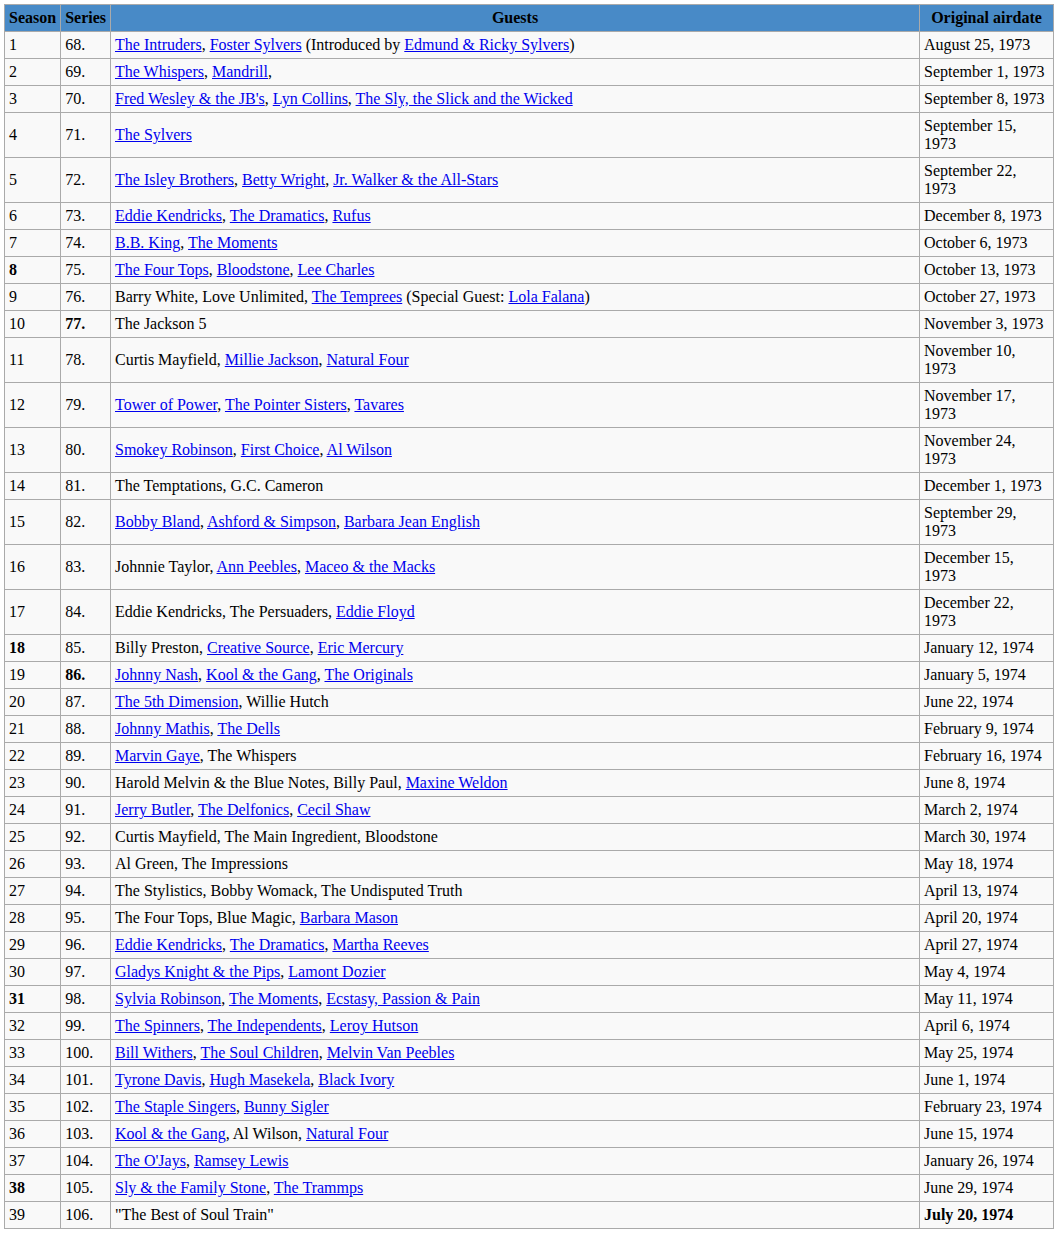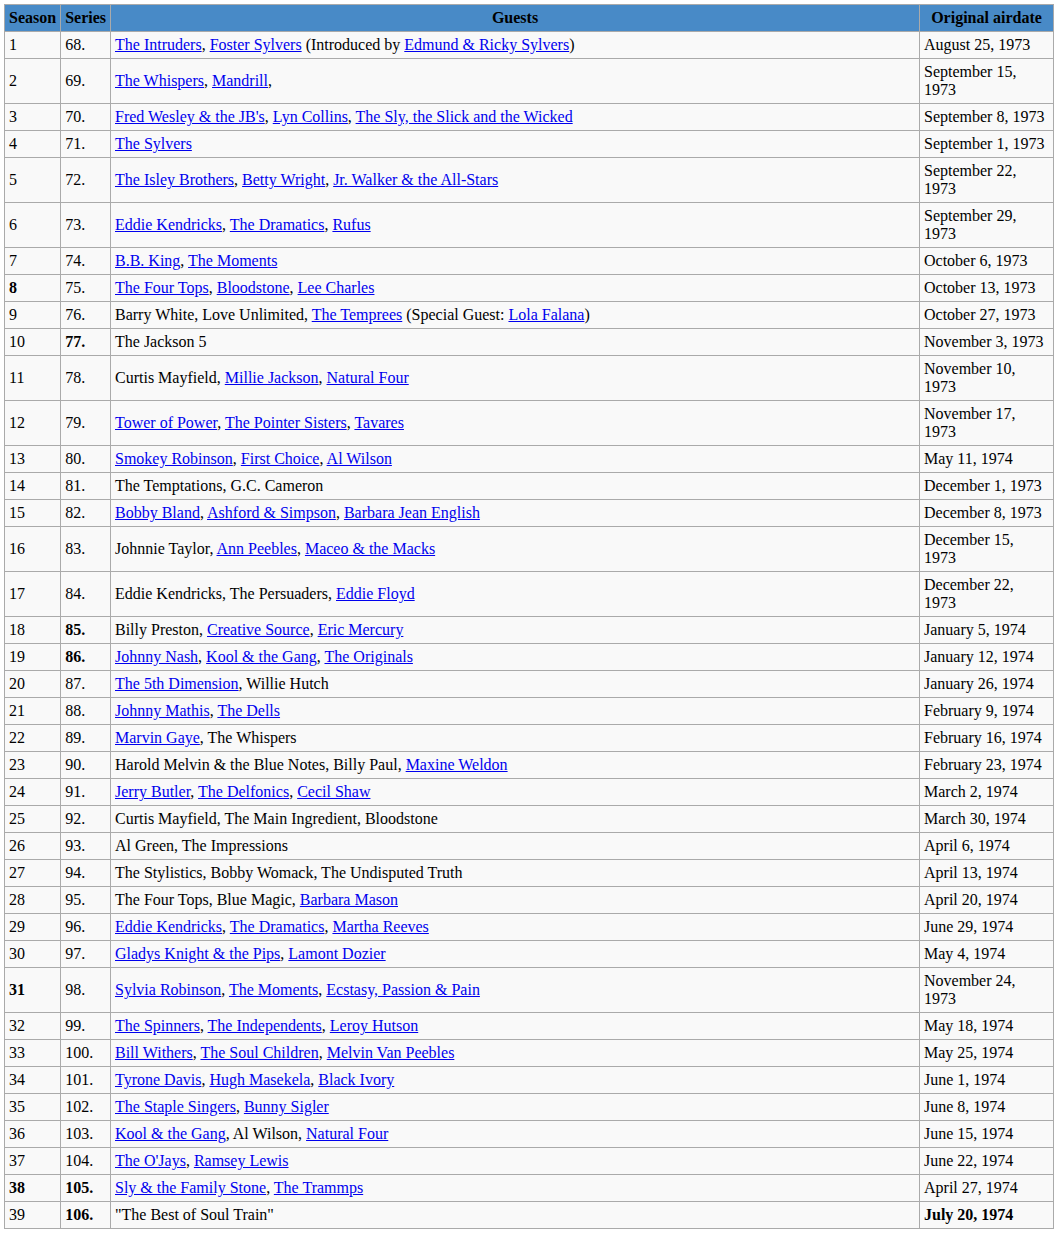 <table class="toccolours" border="2" cellpadding="4" cellspacing="0" style="margin: 1em 1em 1em 0; background: #f9f9f9; border: 1px #aaa solid; border-collapse: collapse">
 <tr style="vertical-align: top; text-align: center; background-color:#488AC7">
 <th><strong>Season</strong></th>
 <th><strong>Series</strong></th>
 <th style="width:800px;"><strong>Guests</strong></th>
 <th style="width:125px;"><strong>Original airdate</strong></th>
 </tr>
 <tr>
 <td>1</td>
 <td>68.</td>
 <td><a href='#'>The Intruders</a>, <a href='#'>Foster Sylvers</a> (Introduced by <a href='#'>Edmund & Ricky Sylvers</a>)</td>
 <td>August 25, 1973</td>
 </tr>
 <tr>
 <td>2</td>
 <td>69.</td>
 <td><a href='#'>The Whispers</a>, <a href='#'>Mandrill</a>,</td>
-<td>September 1, 1973</td>
+<td>September 15, 1973</td>
 </tr>
 <tr>
 <td>3</td>
 <td>70.</td>
 <td><a href='#'>Fred Wesley & the JB's</a>, <a href='#'>Lyn Collins</a>, <a href='#'>The Sly, the Slick and the Wicked</a></td>
 <td>September 8, 1973</td>
 </tr>
 <tr>
 <td>4</td>
 <td>71.</td>
 <td><a href='#'>The Sylvers</a></td>
-<td>September 15, 1973</td>
+<td>September 1, 1973</td>
 </tr>
 <tr>
 <td>5</td>
 <td>72.</td>
 <td><a href='#'>The Isley Brothers</a>, <a href='#'>Betty Wright</a>, <a href='#'>Jr. Walker & the All-Stars</a></td>
 <td>September 22, 1973</td>
 </tr>
 <tr>
 <td>6</td>
 <td>73.</td>
 <td><a href='#'>Eddie Kendricks</a>, <a href='#'>The Dramatics</a>, <a href='#'>Rufus</a></td>
-<td>December 8, 1973</td>
+<td>September 29, 1973</td>
 </tr>
 <tr>
 <td>7</td>
 <td>74.</td>
 <td><a href='#'>B.B. King</a>, <a href='#'>The Moments</a></td>
 <td>October 6, 1973</td>
 </tr>
 <tr>
 <td><strong>8</strong></td>
 <td>75.</td>
 <td><a href='#'>The Four Tops</a>, <a href='#'>Bloodstone</a>, <a href='#'>Lee Charles</a></td>
 <td>October 13, 1973</td>
 </tr>
 <tr>
 <td>9</td>
 <td>76.</td>
 <td>Barry White, Love Unlimited, <a href='#'>The Temprees</a> (Special Guest: <a href='#'>Lola Falana</a>)</td>
 <td>October 27, 1973</td>
 </tr>
 <tr>
 <td>10</td>
 <td><strong>77.</strong></td>
 <td>The Jackson 5</td>
 <td>November 3, 1973</td>
 </tr>
 <tr>
 <td>11</td>
 <td>78.</td>
 <td>Curtis Mayfield, <a href='#'>Millie Jackson</a>, <a href='#'>Natural Four</a></td>
 <td>November 10, 1973</td>
 </tr>
 <tr>
 <td>12</td>
 <td>79.</td>
 <td><a href='#'>Tower of Power</a>, <a href='#'>The Pointer Sisters</a>, <a href='#'>Tavares</a></td>
 <td>November 17, 1973</td>
 </tr>
 <tr>
 <td>13</td>
 <td>80.</td>
 <td><a href='#'>Smokey Robinson</a>, <a href='#'>First Choice</a>, <a href='#'>Al Wilson</a></td>
-<td>November 24, 1973</td>
+<td>May 11, 1974</td>
 </tr>
 <tr>
 <td>14</td>
 <td>81.</td>
 <td>The Temptations, G.C. Cameron</td>
 <td>December 1, 1973</td>
 </tr>
 <tr>
 <td>15</td>
 <td>82.</td>
 <td><a href='#'>Bobby Bland</a>, <a href='#'>Ashford & Simpson</a>, <a href='#'>Barbara Jean English</a></td>
-<td>September 29, 1973</td>
+<td>December 8, 1973</td>
 </tr>
 <tr>
 <td>16</td>
 <td>83.</td>
 <td>Johnnie Taylor, <a href='#'>Ann Peebles</a>, <a href='#'>Maceo & the Macks</a></td>
 <td>December 15, 1973</td>
 </tr>
 <tr>
 <td>17</td>
 <td>84.</td>
 <td>Eddie Kendricks, The Persuaders, <a href='#'>Eddie Floyd</a></td>
 <td>December 22, 1973</td>
 </tr>
 <tr>
-<td><strong>18</strong></td>
-<td>85.</td>
+<td>18</td>
+<td><strong>85.</strong></td>
 <td>Billy Preston, <a href='#'>Creative Source</a>, <a href='#'>Eric Mercury</a></td>
-<td>January 12, 1974</td>
+<td>January 5, 1974</td>
 </tr>
 <tr>
 <td>19</td>
 <td><strong>86.</strong></td>
 <td><a href='#'>Johnny Nash</a>, <a href='#'>Kool & the Gang</a>, <a href='#'>The Originals</a></td>
-<td>January 5, 1974</td>
+<td>January 12, 1974</td>
 </tr>
 <tr>
 <td>20</td>
 <td>87.</td>
 <td><a href='#'>The 5th Dimension</a>, Willie Hutch</td>
-<td>June 22, 1974</td>
+<td>January 26, 1974</td>
 </tr>
 <tr>
 <td>21</td>
 <td>88.</td>
 <td><a href='#'>Johnny Mathis</a>, <a href='#'>The Dells</a></td>
 <td>February 9, 1974</td>
 </tr>
 <tr>
 <td>22</td>
 <td>89.</td>
 <td><a href='#'>Marvin Gaye</a>, The Whispers</td>
 <td>February 16, 1974</td>
 </tr>
 <tr>
 <td>23</td>
 <td>90.</td>
 <td>Harold Melvin & the Blue Notes, Billy Paul, <a href='#'>Maxine Weldon</a></td>
-<td>June 8, 1974</td>
+<td>February 23, 1974</td>
 </tr>
 <tr>
 <td>24</td>
 <td>91.</td>
 <td><a href='#'>Jerry Butler</a>, <a href='#'>The Delfonics</a>, <a href='#'>Cecil Shaw</a></td>
 <td>March 2, 1974</td>
 </tr>
 <tr>
 <td>25</td>
 <td>92.</td>
 <td>Curtis Mayfield, The Main Ingredient, Bloodstone</td>
 <td>March 30, 1974</td>
 </tr>
 <tr>
 <td>26</td>
 <td>93.</td>
 <td>Al Green, The Impressions</td>
-<td>May 18, 1974</td>
+<td>April 6, 1974</td>
 </tr>
 <tr>
 <td>27</td>
 <td>94.</td>
 <td>The Stylistics, Bobby Womack, The Undisputed Truth</td>
 <td>April 13, 1974</td>
 </tr>
 <tr>
 <td>28</td>
 <td>95.</td>
 <td>The Four Tops, Blue Magic, <a href='#'>Barbara Mason</a></td>
 <td>April 20, 1974</td>
 </tr>
 <tr>
 <td>29</td>
 <td>96.</td>
 <td><a href='#'>Eddie Kendricks</a>, <a href='#'>The Dramatics</a>, <a href='#'>Martha Reeves</a></td>
-<td>April 27, 1974</td>
+<td>June 29, 1974</td>
 </tr>
 <tr>
 <td>30</td>
 <td>97.</td>
 <td><a href='#'>Gladys Knight & the Pips</a>, <a href='#'>Lamont Dozier</a></td>
 <td>May 4, 1974</td>
 </tr>
 <tr>
 <td><strong>31</strong></td>
 <td>98.</td>
 <td><a href='#'>Sylvia Robinson</a>, <a href='#'>The Moments</a>, <a href='#'>Ecstasy, Passion & Pain</a></td>
-<td>May 11, 1974</td>
+<td>November 24, 1973</td>
 </tr>
 <tr>
 <td>32</td>
 <td>99.</td>
 <td><a href='#'>The Spinners</a>, <a href='#'>The Independents</a>, <a href='#'>Leroy Hutson</a></td>
-<td>April 6, 1974</td>
+<td>May 18, 1974</td>
 </tr>
 <tr>
 <td>33</td>
 <td>100.</td>
 <td><a href='#'>Bill Withers</a>, <a href='#'>The Soul Children</a>, <a href='#'>Melvin Van Peebles</a></td>
 <td>May 25, 1974</td>
 </tr>
 <tr>
 <td>34</td>
 <td>101.</td>
 <td><a href='#'>Tyrone Davis</a>, <a href='#'>Hugh Masekela</a>, <a href='#'>Black Ivory</a></td>
 <td>June 1, 1974</td>
 </tr>
 <tr>
 <td>35</td>
 <td>102.</td>
 <td><a href='#'>The Staple Singers</a>, <a href='#'>Bunny Sigler</a></td>
-<td>February 23, 1974</td>
+<td>June 8, 1974</td>
 </tr>
 <tr>
 <td>36</td>
 <td>103.</td>
 <td><a href='#'>Kool & the Gang</a>, Al Wilson, <a href='#'>Natural Four</a></td>
 <td>June 15, 1974</td>
 </tr>
 <tr>
 <td>37</td>
 <td>104.</td>
 <td><a href='#'>The O'Jays</a>, <a href='#'>Ramsey Lewis</a></td>
-<td>January 26, 1974</td>
+<td>June 22, 1974</td>
 </tr>
 <tr>
 <td><strong>38</strong></td>
-<td>105.</td>
+<td><strong>105.</strong></td>
 <td><a href='#'>Sly & the Family Stone</a>, <a href='#'>The Trammps</a></td>
-<td>June 29, 1974</td>
+<td>April 27, 1974</td>
 </tr>
 <tr>
 <td>39</td>
-<td>106.</td>
+<td><strong>106.</strong></td>
 <td>"The Best of Soul Train"</td>
 <td><strong>July 20, 1974</strong></td>
 </tr>
 <tr>
 </tr>
 </table>
